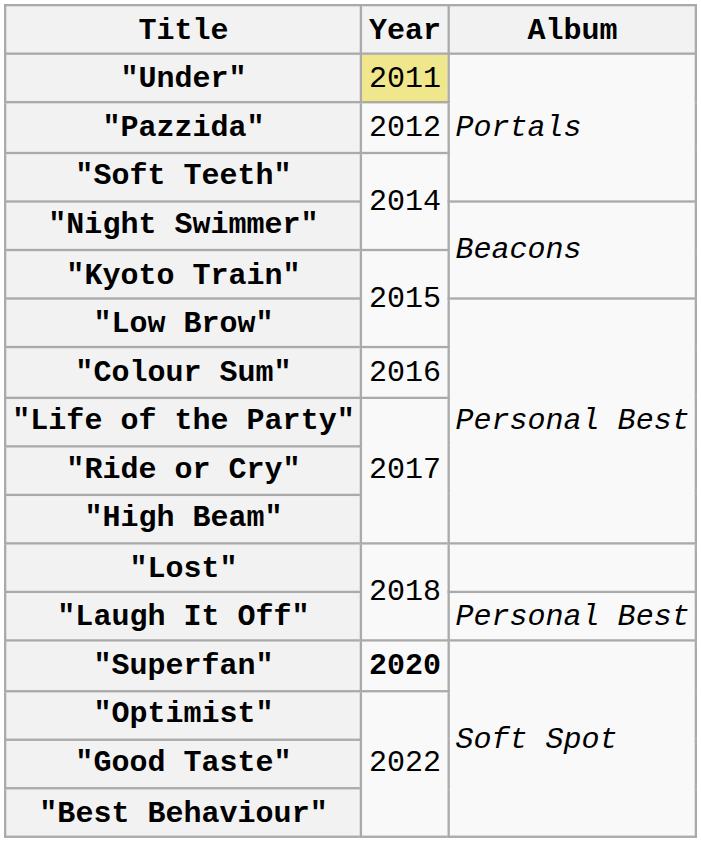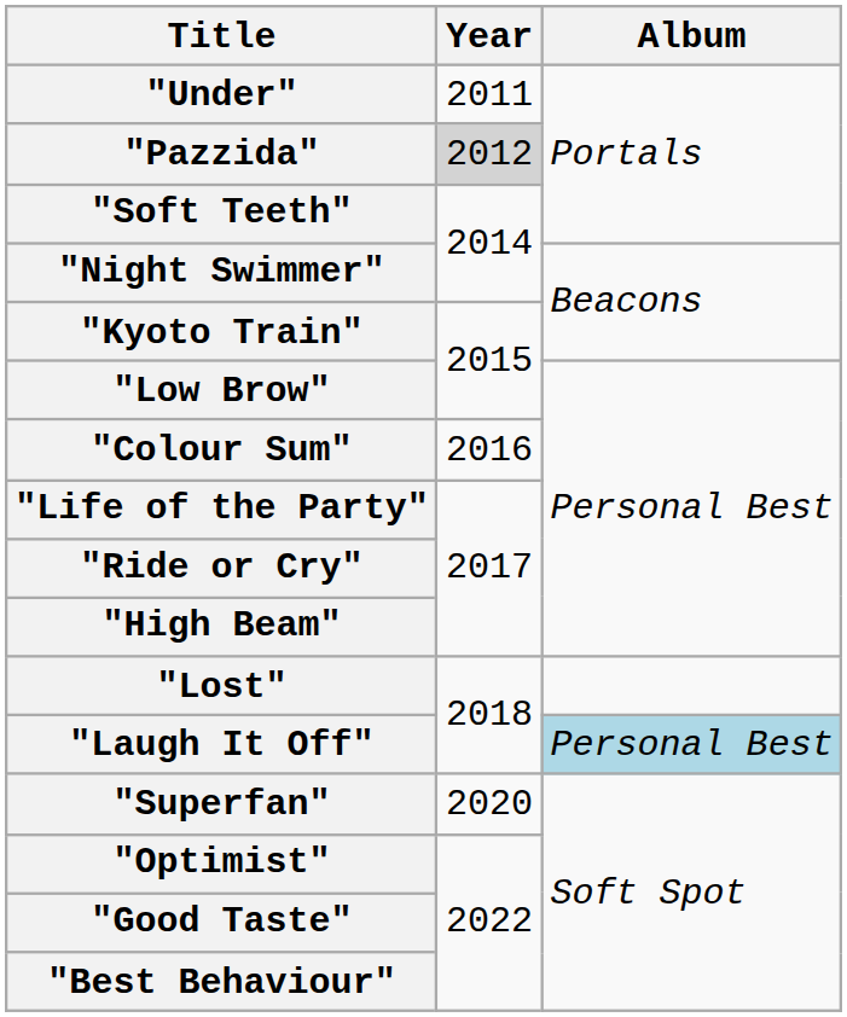 <table class="wikitable plainrowheaders">
 <tr>
 <th>Title</th>
 <th>Year</th>
 <th>Album</th>
 </tr>
 <tr>
 <th scope="row">"Under"</th>
-<td style="background: khaki;">2011</td>
+<td>2011</td>
 <td rowspan="3"><em>Portals</em></td>
 </tr>
 <tr>
 <th scope="row">"Pazzida"</th>
-<td>2012</td>
+<td style="background: lightgrey;">2012</td>
 </tr>
 <tr>
 <th scope="row">"Soft Teeth"</th>
 <td rowspan="2">2014</td>
 </tr>
 <tr>
 <th scope="row">"Night Swimmer"</th>
 <td rowspan="2"><em>Beacons</em></td>
 </tr>
 <tr>
 <th scope="row">"Kyoto Train"</th>
 <td rowspan="2">2015</td>
 </tr>
 <tr>
 <th scope="row">"Low Brow"</th>
 <td rowspan="5"><em>Personal Best</em></td>
 </tr>
 <tr>
 <th scope="row">"Colour Sum"</th>
 <td>2016</td>
 </tr>
 <tr>
 <th scope="row">"Life of the Party"</th>
 <td rowspan="3">2017</td>
 </tr>
 <tr>
 <th scope="row">"Ride or Cry"</th>
 </tr>
 <tr>
 <th scope="row">"High Beam"</th>
 </tr>
 <tr>
 <th scope="row">"Lost"<br></th>
 <td rowspan="2">2018</td>
 <td></td>
 </tr>
 <tr>
 <th scope="row">"Laugh It Off"</th>
-<td><em>Personal Best</em></td>
+<td style="background: lightblue;"><em>Personal Best</em></td>
 </tr>
 <tr>
 <th scope="row">"Superfan"</th>
-<td><strong>2020</strong></td>
+<td>2020</td>
 <td rowspan="4"><em>Soft Spot</em></td>
 </tr>
 <tr>
 <th scope="row">"Optimist"</th>
 <td rowspan="3">2022</td>
 </tr>
 <tr>
 <th scope="row">"Good Taste"</th>
 </tr>
 <tr>
 <th scope="row">"Best Behaviour"</th>
 </tr>
 </table>
